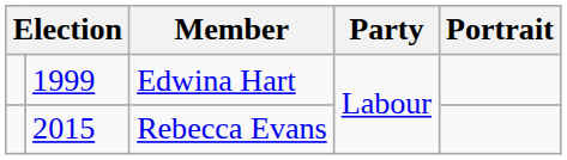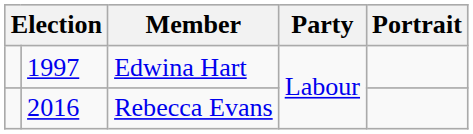 <table class="wikitable">
 <tr>
 <th colspan="2">Election</th>
 <th>Member</th>
 <th>Party</th>
 <th>Portrait</th>
 </tr>
 <tr>
 <td style="background-color: "></td>
-<td><a href='#'>1999</a></td>
+<td><a href='#'>1997</a></td>
 <td><a href='#'>Edwina Hart</a></td>
 <td rowspan="2"><a href='#'>Labour</a></td>
 <td></td>
 </tr>
 <tr>
 <td style="background-color: "></td>
-<td><a href='#'>2015</a></td>
+<td><a href='#'>2016</a></td>
 <td><a href='#'>Rebecca Evans</a></td>
 <td></td>
 </tr>
 </table>
